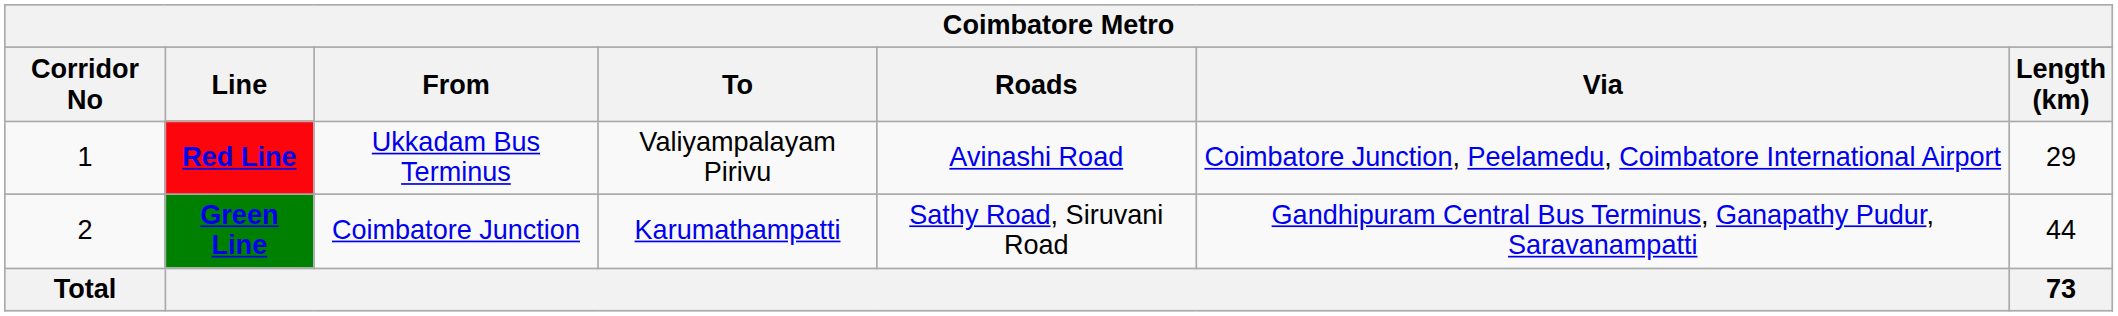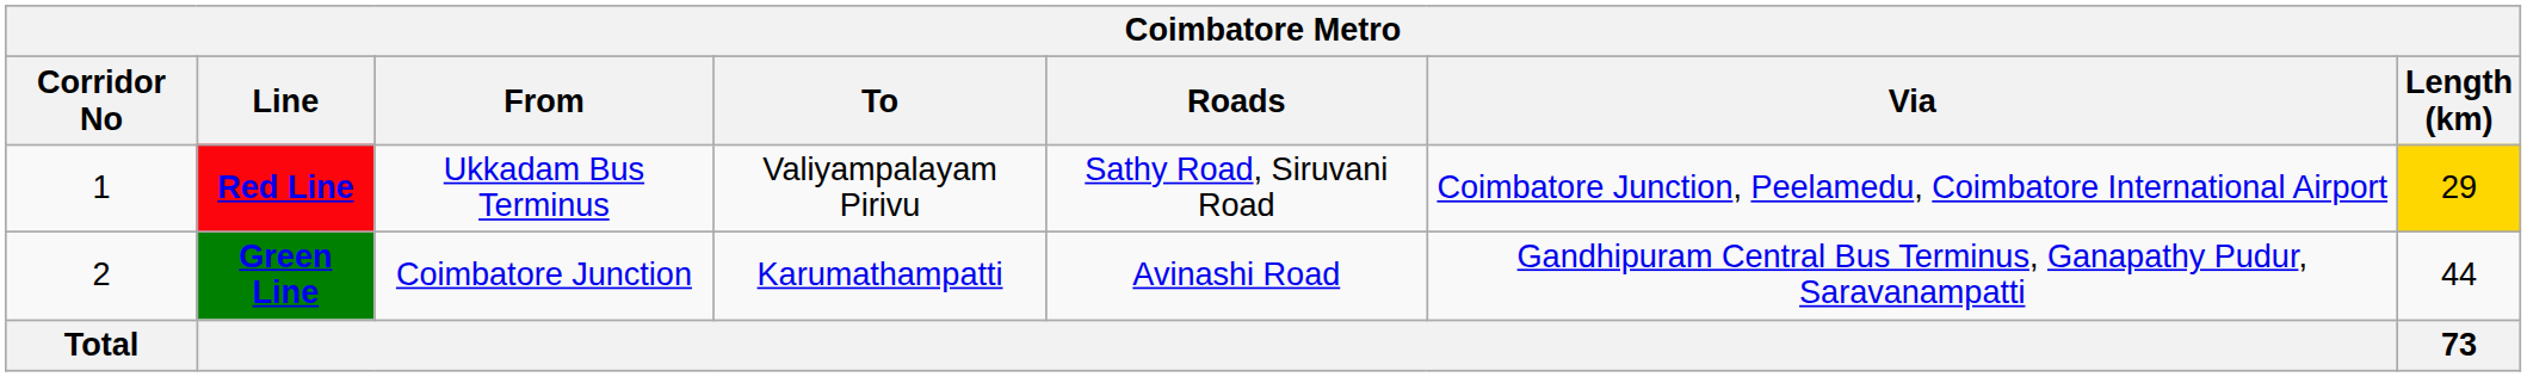 <table class="wikitable sortable">
 <tr>
 <th colspan="7">Coimbatore Metro</th>
 </tr>
 <tr>
 <th>Corridor No</th>
 <th>Line</th>
 <th>From</th>
 <th>To</th>
 <th>Roads</th>
 <th>Via</th>
 <th>Length<br>(km)</th>
 </tr>
 <tr>
 <td style="text-align:center;">1</td>
 <td style="background:#fc050d; text-align: center;"><a href='#'><span><strong>Red Line</strong></span></a></td>
 <td style="text-align:center;"><a href='#'>Ukkadam Bus Terminus</a></td>
 <td style="text-align:center;">Valiyampalayam Pirivu</td>
-<td style="text-align:center;"><a href='#'>Avinashi Road</a></td>
+<td style="text-align:center;"><a href='#'>Sathy Road</a>, Siruvani Road</td>
 <td style="text-align:center;"><a href='#'>Coimbatore Junction</a>, <a href='#'>Peelamedu</a>, <a href='#'>Coimbatore International Airport</a></td>
-<td style="text-align:center;">29</td>
+<td style="background: gold; text-align:center;">29</td>
 </tr>
 <tr>
 <td style="text-align:center;">2</td>
 <td style="background:#008000; text-align: center;"><a href='#'><span><strong>Green Line</strong></span></a></td>
 <td style="text-align:center;"><a href='#'>Coimbatore Junction</a></td>
 <td style="text-align:center;"><a href='#'>Karumathampatti</a></td>
-<td style="text-align:center;"><a href='#'>Sathy Road</a>, Siruvani Road</td>
+<td style="text-align:center;"><a href='#'>Avinashi Road</a></td>
 <td style="text-align:center;"><a href='#'>Gandhipuram Central Bus Terminus</a>, <a href='#'>Ganapathy Pudur</a>, <a href='#'>Saravanampatti</a></td>
 <td style="text-align:center;">44</td>
 </tr>
 <tr>
 <th>Total</th>
 <th colspan="5"></th>
 <th>73</th>
 </tr>
 </table>
